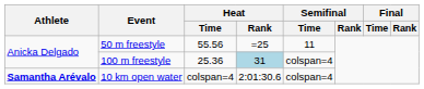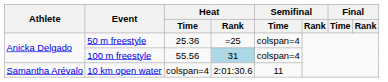 <table class=wikitable style="font-size:90%;">
 <tr>
 <th rowspan=2>Athlete</th>
 <th rowspan=2>Event</th>
 <th colspan=2>Heat</th>
 <th colspan=2>Semifinal</th>
 <th colspan=2>Final</th>
 </tr>
 <tr style="font-size:95%">
 <th>Time</th>
 <th>Rank</th>
 <th>Time</th>
 <th>Rank</th>
 <th>Time</th>
 <th>Rank</th>
 </tr>
 <tr align=center>
 <td align=left rowspan=2><a href='#'>Anicka Delgado</a></td>
 <td align=left><a href='#'>50 m freestyle</a></td>
-<td>55.56</td>
+<td>25.36</td>
 <td>=25</td>
-<td>11</td>
+<td>colspan=4 </td>
 </tr>
 <tr align=center>
 <td align=left><a href='#'>100 m freestyle</a></td>
-<td>25.36</td>
+<td>55.56</td>
 <td style="background: lightblue;">31</td>
 <td>colspan=4 </td>
 </tr>
 <tr align=center>
-<td align=left><strong><a href='#'>Samantha Arévalo</a></strong></td>
+<td align=left><a href='#'>Samantha Arévalo</a></td>
 <td align=left><a href='#'>10 km open water</a></td>
 <td>colspan=4 </td>
 <td>2:01:30.6</td>
-<td>colspan=4 </td>
+<td>11</td>
 </tr>
 </table>
